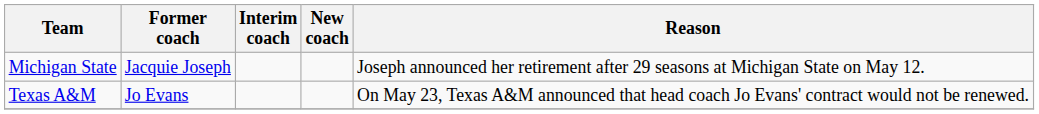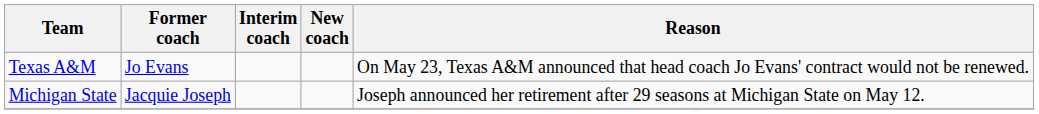 <table class="wikitable">
 <tr>
 <th>Team</th>
 <th>Former<br>coach</th>
 <th>Interim<br>coach</th>
 <th>New<br>coach</th>
 <th>Reason</th>
 </tr>
 <tr>
+<td><a href='#'>Texas A&M</a></td>
+<td><a href='#'>Jo Evans</a></td>
+<td></td>
+<td></td>
+<td>On May 23, Texas A&M announced that head coach Jo Evans' contract would not be renewed.</td>
+</tr>
+<tr>
 <td><a href='#'>Michigan State</a></td>
 <td><a href='#'>Jacquie Joseph</a></td>
 <td></td>
 <td></td>
 <td>Joseph announced her retirement after 29 seasons at Michigan State on May 12.</td>
 </tr>
 <tr>
-<td><a href='#'>Texas A&M</a></td>
-<td><a href='#'>Jo Evans</a></td>
-<td></td>
-<td></td>
-<td>On May 23, Texas A&M announced that head coach Jo Evans' contract would not be renewed.</td>
-</tr>
-<tr>
 </tr>
 </table>
